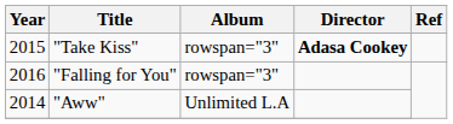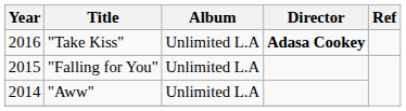 <table class="wikitable">
 <tr>
 <th>Year</th>
 <th>Title</th>
 <th>Album</th>
 <th>Director</th>
 <th>Ref</th>
 </tr>
 <tr>
-<td>2015</td>
+<td>2016</td>
 <td>"Take Kiss"</td>
-<td>rowspan="3" </td>
+<td>Unlimited L.A</td>
 <td><strong>Adasa Cookey</strong></td>
 <td></td>
 </tr>
 <tr>
-<td>2016</td>
+<td>2015</td>
 <td>"Falling for You"</td>
-<td>rowspan="3" </td>
+<td>Unlimited L.A</td>
 <td></td>
 </tr>
 <tr>
 <td>2014</td>
 <td>"Aww"</td>
 <td>Unlimited L.A</td>
 <td></td>
 </tr>
 <tr>
 </tr>
 </table>
